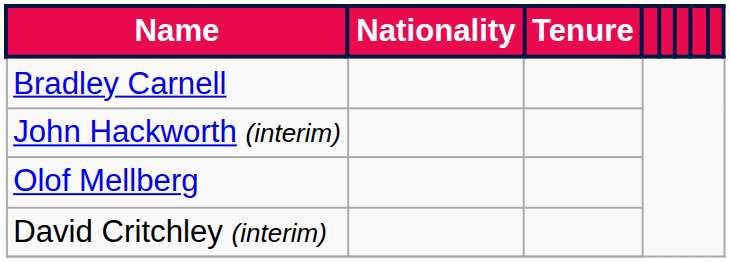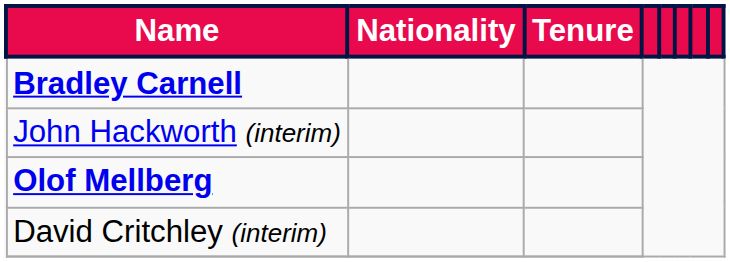 <table class="wikitable sortable">
 <tr>
 <th style="background:#E80A4D; color:#FFFFFF; border:2px solid #001544;" scope="col">Name</th>
 <th style="background:#E80A4D; color:#FFFFFF; border:2px solid #001544;" scope="col">Nationality</th>
 <th style="background:#E80A4D; color:#FFFFFF; border:2px solid #001544;" scope="col">Tenure</th>
 <th style="background:#E80A4D; color:#FFFFFF; border:2px solid #001544;" scope="col"></th>
 <th style="background:#E80A4D; color:#FFFFFF; border:2px solid #001544;" scope="col"></th>
 <th style="background:#E80A4D; color:#FFFFFF; border:2px solid #001544;" scope="col"></th>
 <th style="background:#E80A4D; color:#FFFFFF; border:2px solid #001544;" scope="col"></th>
 <th style="background:#E80A4D; color:#FFFFFF; border:2px solid #001544;" scope="col"></th>
 </tr>
 <tr>
-<td align="left"><a href='#'>Bradley Carnell</a></td>
+<td align="left"><strong><a href='#'>Bradley Carnell</a></strong></td>
 <td></td>
 <td January 5, 2022 – July 1, 2024></td>
 </tr>
 <tr>
 <td align="left"><a href='#'>John Hackworth</a> <small><em>(interim)</em></small></td>
 <td></td>
 <td July 1, 2024 – November 26, 2024></td>
 </tr>
 <tr>
-<td align="left"><a href='#'>Olof Mellberg</a></td>
+<td align="left"><strong><a href='#'>Olof Mellberg</a></strong></td>
 <td></td>
 <td November 26, 2024 – May 27, 2025></td>
 </tr>
 <tr>
 <td align="left">David Critchley <small><em>(interim)</em></small></td>
 <td></td>
 <td May 27, 2025 – present></td>
 </tr>
 <tr>
 </tr>
 </table>
